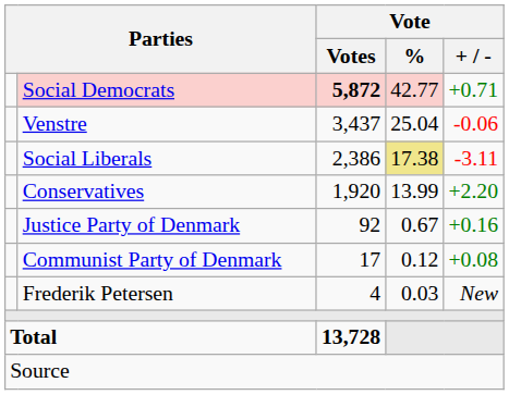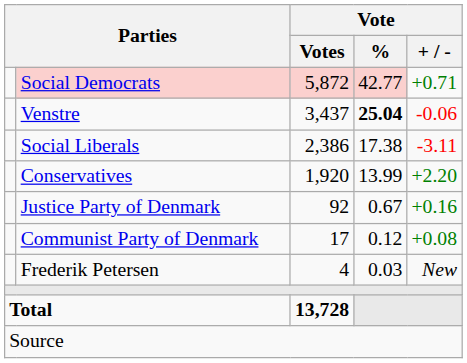 <table class="wikitable" style="text-align:right;">
 <tr>
 <th style="text-align:centre;" rowspan="2" colspan="2" width="225">Parties</th>
 <th colspan="3">Vote</th>
 </tr>
 <tr>
 <th width="15">Votes</th>
 <th width="15">%</th>
 <th width="15">+ / -</th>
 </tr>
 <tr>
 <td width="2" style="color:inherit;background:"></td>
 <td bgcolor=#fbd0ce  align="left"><a href='#'>Social Democrats</a></td>
-<td bgcolor=#fbd0ce><strong>5,872</strong></td>
+<td bgcolor=#fbd0ce>5,872</td>
 <td bgcolor=#fbd0ce>42.77</td>
 <td style=color:green;>+0.71</td>
 </tr>
 <tr>
 <td width="2" style="color:inherit;background:"></td>
 <td align="left"><a href='#'>Venstre</a></td>
 <td>3,437</td>
-<td>25.04</td>
+<td><strong>25.04</strong></td>
 <td style=color:red;>-0.06</td>
 </tr>
 <tr>
 <td width="2" style="color:inherit;background:"></td>
 <td align="left"><a href='#'>Social Liberals</a></td>
 <td>2,386</td>
-<td style="background: khaki;">17.38</td>
+<td>17.38</td>
 <td style=color:red;>-3.11</td>
 </tr>
 <tr>
 <td width="2" style="color:inherit;background:"></td>
 <td align="left"><a href='#'>Conservatives</a></td>
 <td>1,920</td>
 <td>13.99</td>
 <td style=color:green;>+2.20</td>
 </tr>
 <tr>
 <td width="2" style="color:inherit;background:"></td>
 <td align="left"><a href='#'>Justice Party of Denmark</a></td>
 <td>92</td>
 <td>0.67</td>
 <td style=color:green;>+0.16</td>
 </tr>
 <tr>
 <td width="2" style="color:inherit;background:"></td>
 <td align="left"><a href='#'>Communist Party of Denmark</a></td>
 <td>17</td>
 <td>0.12</td>
 <td style=color:green;>+0.08</td>
 </tr>
 <tr>
 <td width="2" style="color:inherit;background:"></td>
 <td align="left">Frederik Petersen</td>
 <td>4</td>
 <td>0.03</td>
 <td><em>New</em></td>
 </tr>
 <tr>
 <td colspan="7" bgcolor="#E9E9E9"></td>
 </tr>
 <tr>
 <td align="left" colspan="2"><strong>Total</strong></td>
 <td><strong>13,728</strong></td>
 <td bgcolor="#E9E9E9" colspan="2"></td>
 </tr>
 <tr>
 <td align="left" colspan="6">Source</td>
 </tr>
 </table>
